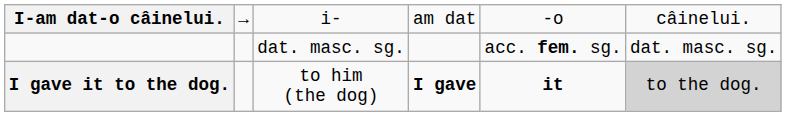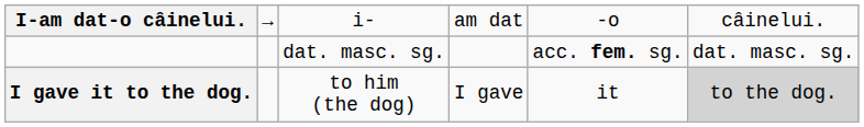 <table class="wikitable" style="text-align: center;">
 <tr>
 <th>I-am dat-o câinelui.</th>
 <td>→</td>
 <td>i-</td>
 <td>am dat</td>
 <td>-o</td>
 <td>câinelui.</td>
 </tr>
 <tr>
 <td></td>
 <td></td>
 <td>dat. masc. sg.</td>
 <td></td>
 <td>acc. <strong>fem.</strong> sg.</td>
 <td>dat. masc. sg.</td>
 </tr>
 <tr>
 <th>I gave it to the dog.</th>
 <td></td>
 <td>to him<br>(the dog)</td>
-<td><strong>I gave</strong></td>
-<td><strong>it</strong></td>
+<td>I gave</td>
+<td>it</td>
 <td style="background: lightgrey;">to the dog.</td>
 </tr>
 </table>
